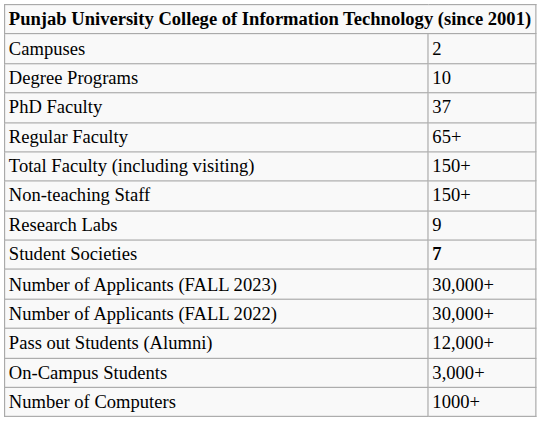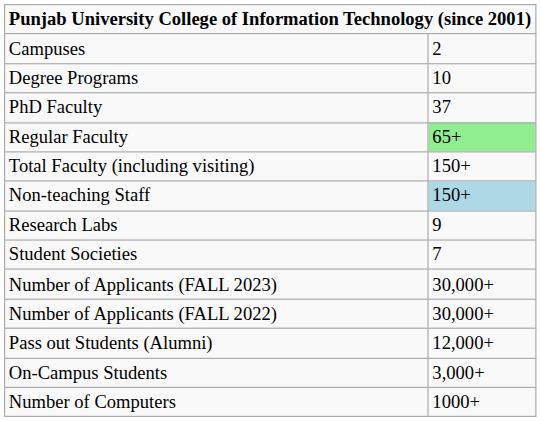 <table class="wikitable">
 <tr>
 <td colspan="2"><strong>Punjab University College of Information Technology (since 2001)</strong></td>
 </tr>
 <tr>
 <td>Campuses</td>
 <td>2</td>
 </tr>
 <tr>
 <td>Degree Programs</td>
 <td>10</td>
 </tr>
 <tr>
 <td>PhD Faculty</td>
 <td>37</td>
 </tr>
 <tr>
 <td>Regular Faculty</td>
-<td>65+</td>
+<td style="background: lightgreen;">65+</td>
 </tr>
 <tr>
 <td>Total Faculty (including visiting)</td>
 <td>150+</td>
 </tr>
 <tr>
 <td>Non-teaching Staff</td>
-<td>150+</td>
+<td style="background: lightblue;">150+</td>
 </tr>
 <tr>
 <td>Research Labs</td>
 <td>9</td>
 </tr>
 <tr>
 <td>Student Societies</td>
-<td><strong>7</strong></td>
+<td>7</td>
 </tr>
 <tr>
 <td>Number of Applicants (FALL 2023)</td>
 <td>30,000+</td>
 </tr>
 <tr>
 <td>Number of Applicants (FALL 2022)</td>
 <td>30,000+</td>
 </tr>
 <tr>
 <td>Pass out Students (Alumni)</td>
 <td>12,000+</td>
 </tr>
 <tr>
 <td>On-Campus Students</td>
 <td>3,000+</td>
 </tr>
 <tr>
 <td>Number of Computers</td>
 <td>1000+</td>
 </tr>
 </table>
